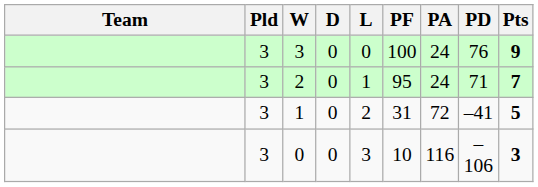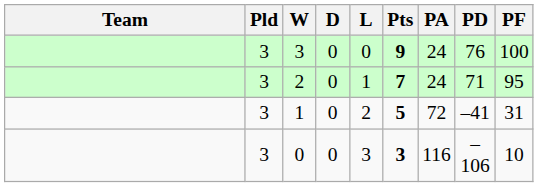 <table class="wikitable" style="text-align:center;">
 <tr>
 <th width="190">Team</th>
 <th width="20" abbr="Played">Pld</th>
 <th width="20" abbr="Won">W</th>
 <th width="20" abbr="Drawn">D</th>
 <th width="20" abbr="Lost">L</th>
-<th width="20" abbr="Points for">PF</th>
+<th width="20" abbr="Points">Pts</th>
 <th width="20" abbr="Points against">PA</th>
 <th width="25" abbr="Points difference">PD</th>
-<th width="20" abbr="Points">Pts</th>
+<th width="20" abbr="Points for">PF</th>
 </tr>
 <tr style="background:#ccffcc">
 <td align="left"></td>
 <td>3</td>
 <td>3</td>
 <td>0</td>
 <td>0</td>
-<td>100</td>
+<td><strong>9</strong></td>
 <td>24</td>
 <td>76</td>
-<td><strong>9</strong></td>
+<td>100</td>
 </tr>
 <tr style="background:#ccffcc">
 <td align="left"></td>
 <td>3</td>
 <td>2</td>
 <td>0</td>
 <td>1</td>
-<td>95</td>
+<td><strong>7</strong></td>
 <td>24</td>
 <td>71</td>
-<td><strong>7</strong></td>
+<td>95</td>
 </tr>
 <tr>
 <td align="left"></td>
 <td>3</td>
 <td>1</td>
 <td>0</td>
 <td>2</td>
-<td>31</td>
+<td><strong>5</strong></td>
 <td>72</td>
 <td>–41</td>
-<td><strong>5</strong></td>
+<td>31</td>
 </tr>
 <tr>
 <td align="left"></td>
 <td>3</td>
 <td>0</td>
 <td>0</td>
 <td>3</td>
-<td>10</td>
+<td><strong>3</strong></td>
 <td>116</td>
 <td>–106</td>
-<td><strong>3</strong></td>
+<td>10</td>
 </tr>
 </table>
